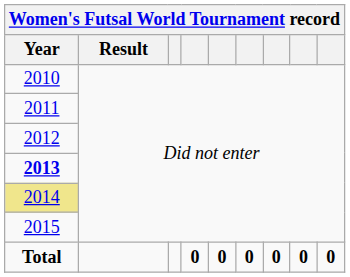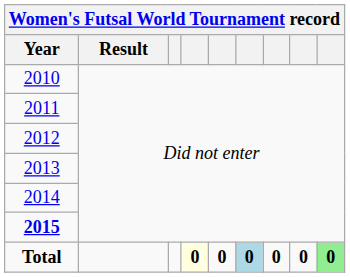 <table class="wikitable" style="text-align: center;font-size:90%;">
 <tr>
 <th colspan="10"><a href='#'>Women's Futsal World Tournament</a> record</th>
 </tr>
 <tr>
 <th>Year</th>
 <th>Result</th>
 <th></th>
 <th></th>
 <th></th>
 <th></th>
 <th></th>
 <th></th>
 <th></th>
 </tr>
 <tr>
 <td> <a href='#'>2010</a></td>
 <td colspan="8" rowspan="6"><em>Did not enter</em></td>
 </tr>
 <tr>
 <td> <a href='#'>2011</a></td>
 </tr>
 <tr>
 <td> <a href='#'>2012</a></td>
 </tr>
 <tr>
-<td><strong> <a href='#'>2013</a></strong></td>
+<td> <a href='#'>2013</a></td>
 </tr>
 <tr>
-<td style="background: khaki;"> <a href='#'>2014</a></td>
+<td> <a href='#'>2014</a></td>
 </tr>
 <tr>
-<td> <a href='#'>2015</a></td>
+<td><strong> <a href='#'>2015</a></strong></td>
 </tr>
 <tr>
 <td><strong>Total</strong></td>
 <td><strong></strong></td>
 <td><strong></strong></td>
+<td style="background: lightyellow;"><strong>0</strong></td>
+<td><strong>0</strong></td>
+<td style="background: lightblue;"><strong>0</strong></td>
 <td><strong>0</strong></td>
 <td><strong>0</strong></td>
-<td><strong>0</strong></td>
-<td><strong>0</strong></td>
-<td><strong>0</strong></td>
-<td><strong>0</strong></td>
+<td style="background: lightgreen;"><strong>0</strong></td>
 </tr>
 </table>
